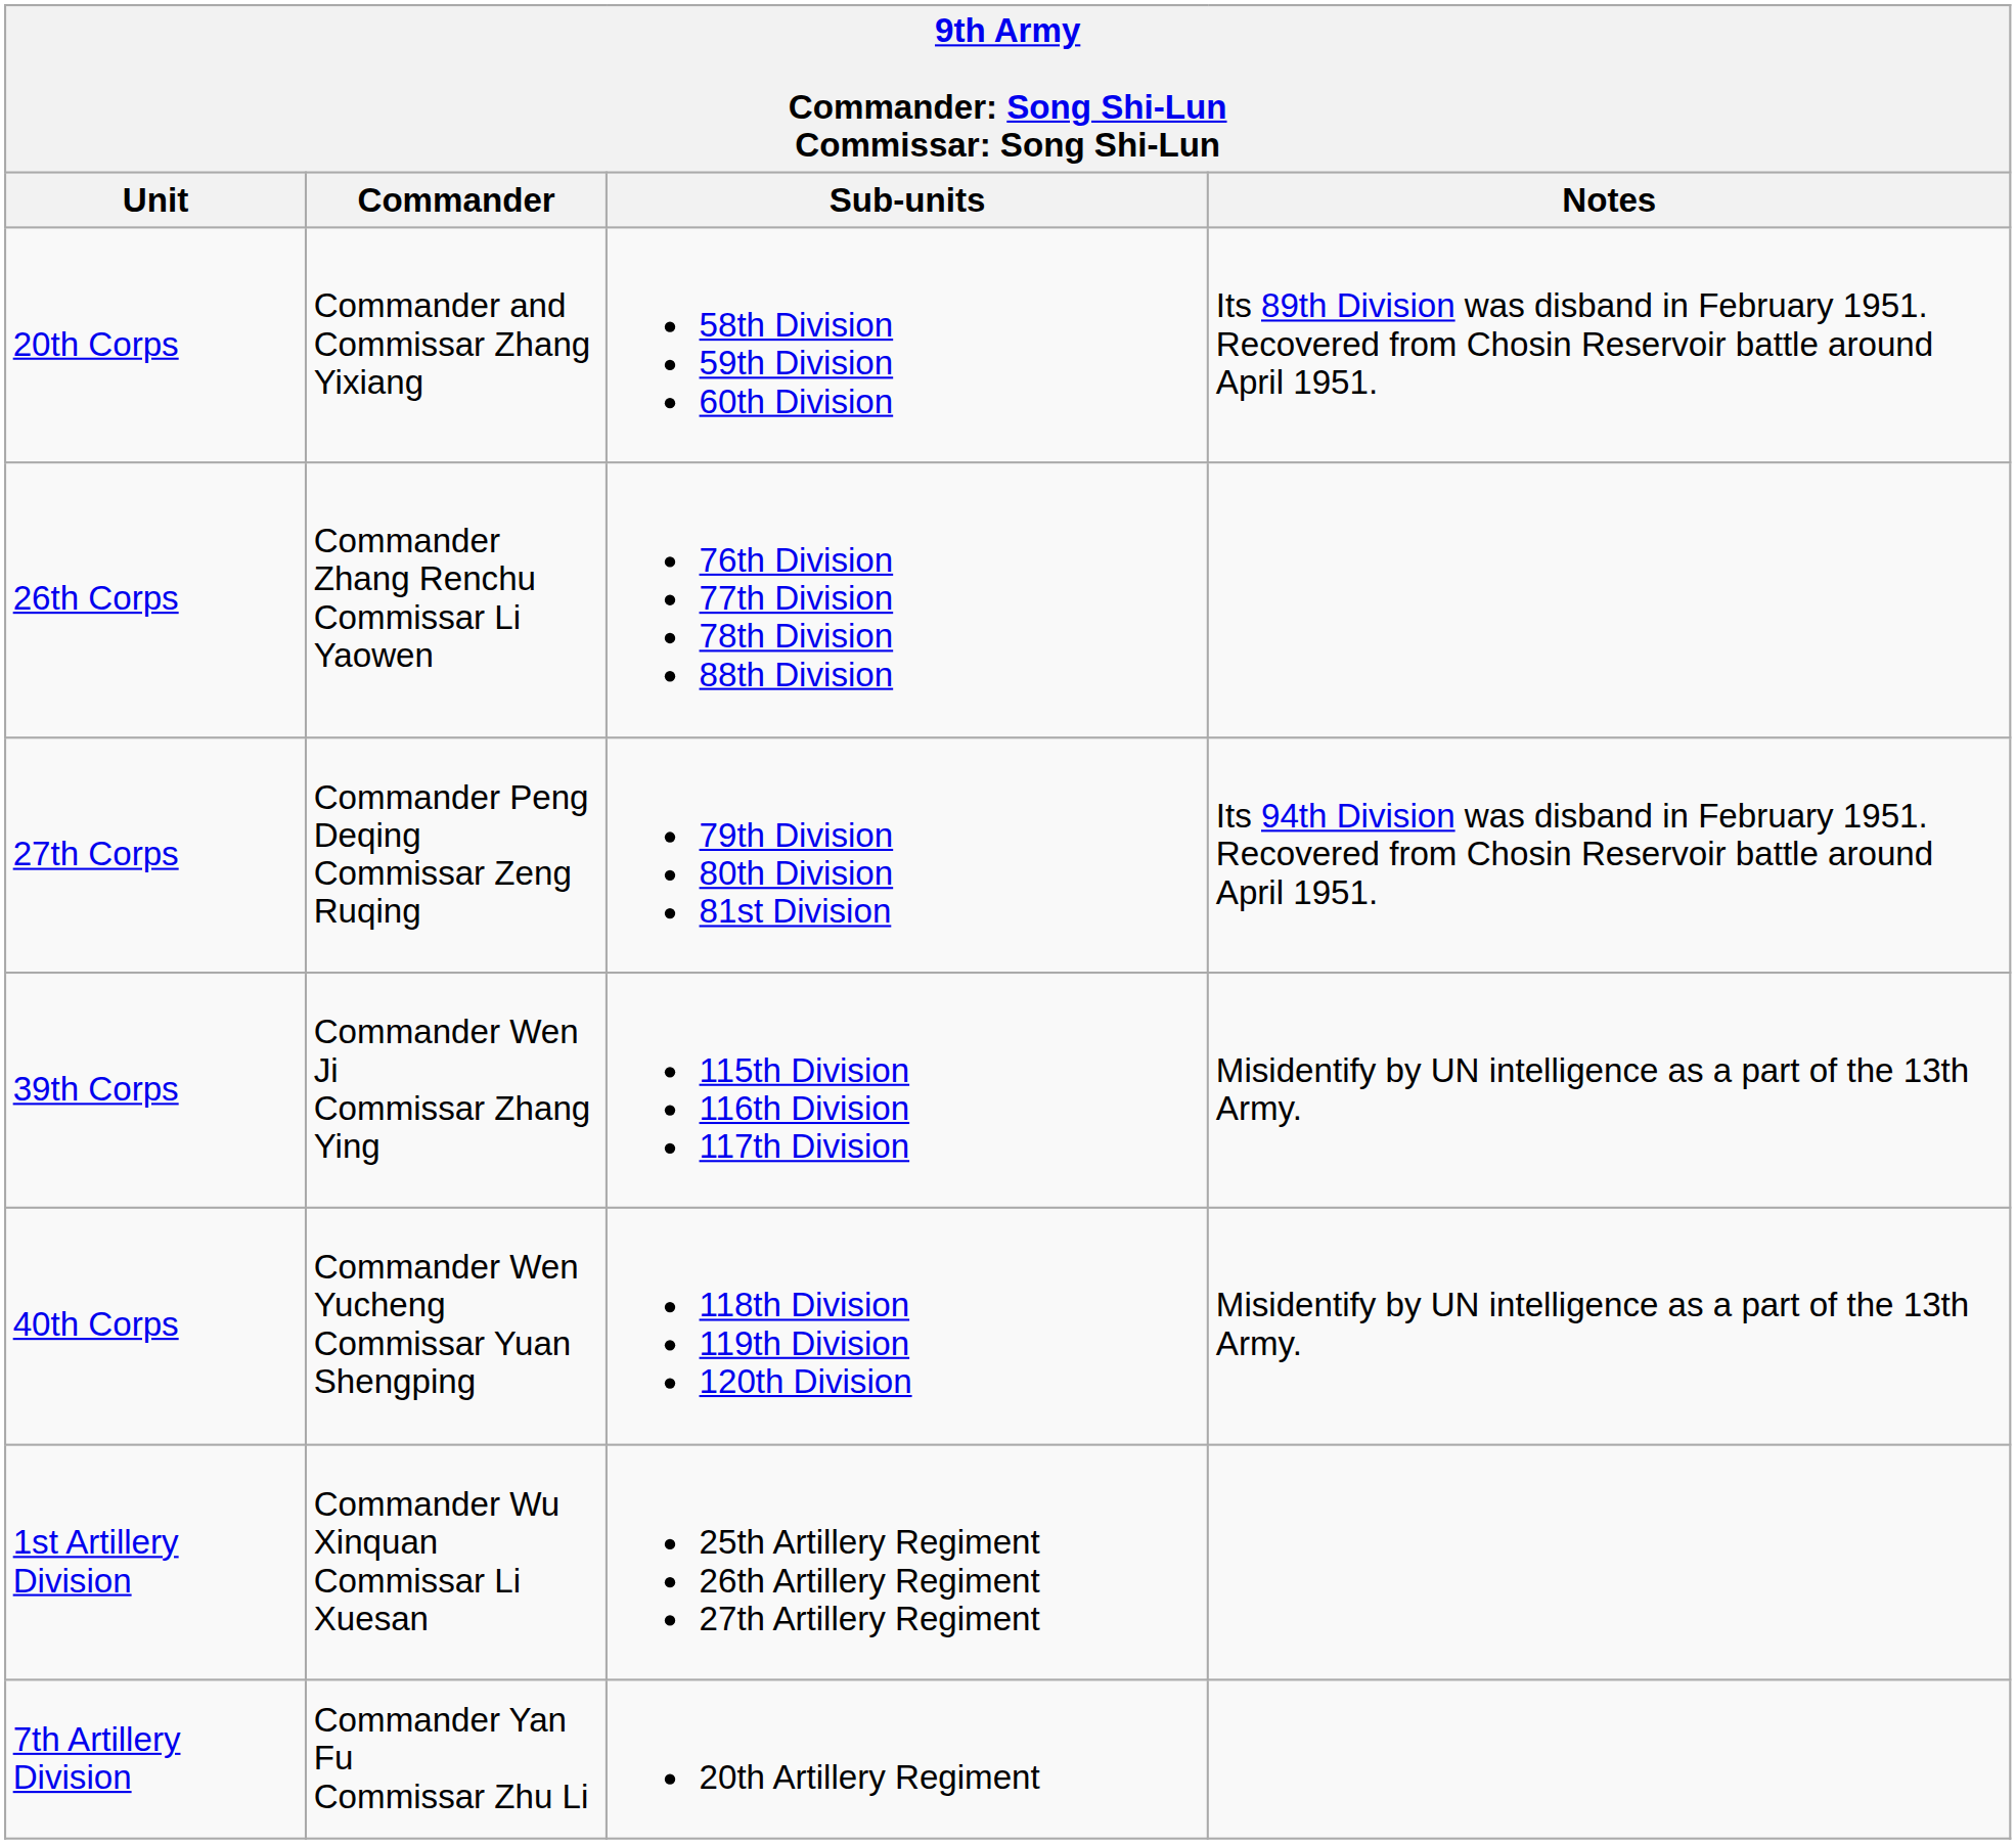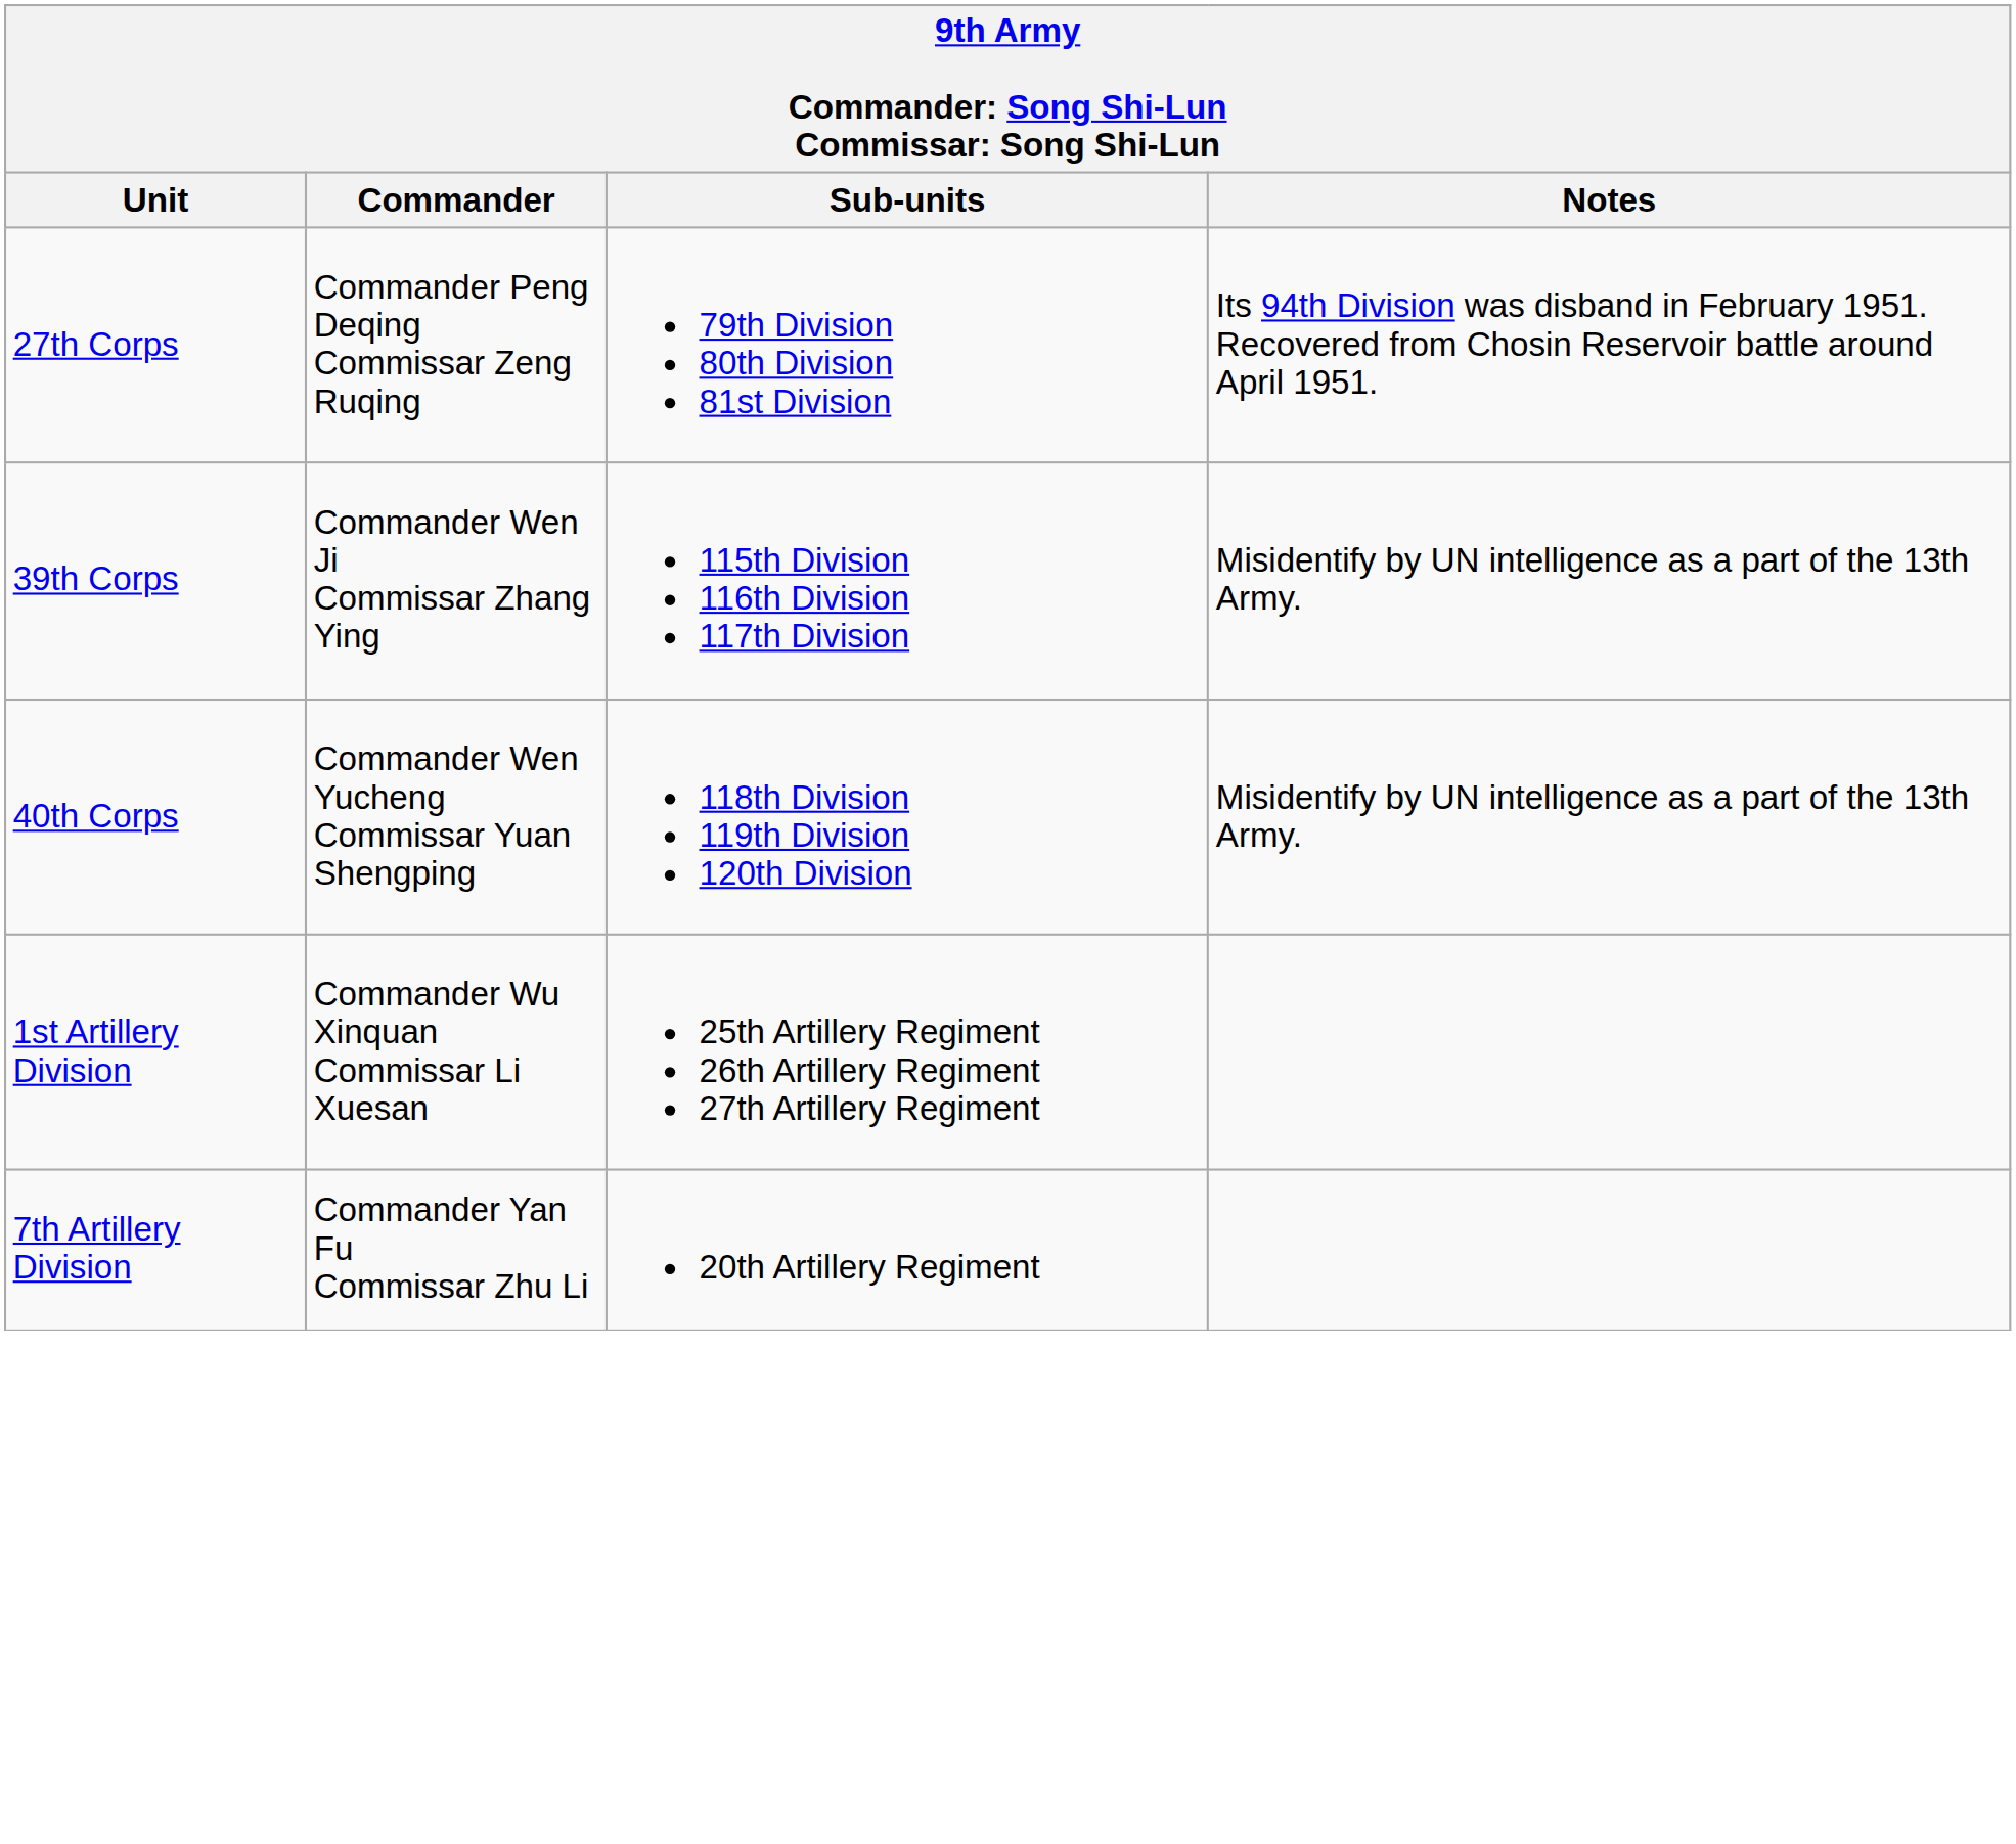 <table class="wikitable" style="width: 75%">
 <tr>
 <th colspan="4" align= center> <a href='#'>9th Army</a><br><br>Commander: <a href='#'>Song Shi-Lun</a><br> Commissar: Song Shi-Lun</th>
 </tr>
 <tr>
 <th width=15%; align= center>Unit</th>
 <th width=15%; align= center>Commander</th>
 <th width=30%; align= center>Sub-units</th>
 <th width=40%; align= center>Notes</th>
-</tr>
-<tr>
-<td><a href='#'>20th Corps</a></td>
-<td>Commander and Commissar Zhang Yixiang</td>
-<td><br><ul><li><a href='#'>58th Division</a></li><li><a href='#'>59th Division</a></li><li><a href='#'>60th Division</a></li></ul></td>
-<td>Its <a href='#'>89th Division</a> was disband in February 1951. Recovered from Chosin Reservoir battle around April 1951.</td>
-</tr>
-<tr>
-<td><a href='#'>26th Corps</a></td>
-<td>Commander Zhang Renchu<br>Commissar Li Yaowen</td>
-<td><br><ul><li><a href='#'>76th Division</a></li><li><a href='#'>77th Division</a></li><li><a href='#'>78th Division</a></li><li><a href='#'>88th Division</a></li></ul></td>
-<td></td>
 </tr>
 <tr>
 <td><a href='#'>27th Corps</a></td>
 <td>Commander Peng Deqing<br>Commissar Zeng Ruqing</td>
 <td><br><ul><li><a href='#'>79th Division</a></li><li><a href='#'>80th Division</a></li><li><a href='#'>81st Division</a></li></ul></td>
 <td>Its <a href='#'>94th Division</a> was disband in February 1951. Recovered from Chosin Reservoir battle around April 1951.</td>
 </tr>
 <tr>
 <td><a href='#'>39th Corps</a></td>
 <td>Commander Wen Ji<br>Commissar Zhang Ying</td>
 <td><br><ul><li><a href='#'>115th Division</a></li><li><a href='#'>116th Division</a></li><li><a href='#'>117th Division</a></li></ul></td>
 <td>Misidentify by UN intelligence as a part of the 13th Army.</td>
 </tr>
 <tr>
 <td><a href='#'>40th Corps</a></td>
 <td>Commander Wen Yucheng<br>Commissar Yuan Shengping</td>
 <td><br><ul><li><a href='#'>118th Division</a></li><li><a href='#'>119th Division</a></li><li><a href='#'>120th Division</a></li></ul></td>
 <td>Misidentify by UN intelligence as a part of the 13th Army.</td>
 </tr>
 <tr>
 <td><a href='#'>1st Artillery Division</a></td>
 <td>Commander Wu Xinquan<br>Commissar Li Xuesan</td>
 <td><br><ul><li>25th Artillery Regiment</li><li>26th Artillery Regiment</li><li>27th Artillery Regiment</li></ul></td>
 <td></td>
 </tr>
 <tr>
 <td><a href='#'>7th Artillery Division</a></td>
 <td>Commander Yan Fu<br>Commissar Zhu Li</td>
 <td><br><ul><li>20th Artillery Regiment</li></ul></td>
 <td></td>
 </tr>
 </table>
